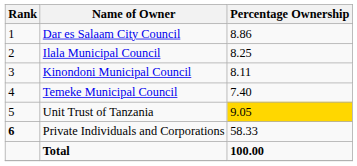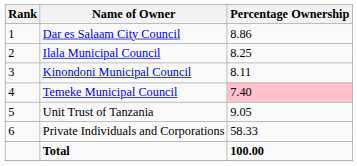 <table class="wikitable sortable" style="margin-left:auto;margin-right:auto">
 <tr>
 <th>Rank</th>
 <th>Name of Owner</th>
 <th>Percentage Ownership</th>
 </tr>
 <tr>
 <td>1</td>
 <td><a href='#'>Dar es Salaam City Council</a></td>
 <td>8.86</td>
 </tr>
 <tr>
 <td>2</td>
 <td><a href='#'>Ilala Municipal Council</a></td>
 <td>8.25</td>
 </tr>
 <tr>
 <td>3</td>
 <td><a href='#'>Kinondoni Municipal Council</a></td>
 <td>8.11</td>
 </tr>
 <tr>
 <td>4</td>
 <td><a href='#'>Temeke Municipal Council</a></td>
-<td>7.40</td>
+<td style="background: pink;">7.40</td>
 </tr>
 <tr>
 <td>5</td>
 <td>Unit Trust of Tanzania</td>
-<td style="background: gold;">9.05</td>
+<td>9.05</td>
 </tr>
 <tr>
-<td><strong>6</strong></td>
+<td>6</td>
 <td>Private Individuals and Corporations</td>
 <td>58.33</td>
 </tr>
 <tr>
 <td></td>
 <td><strong>Total</strong></td>
 <td><strong>100.00</strong></td>
 </tr>
 <tr>
 </tr>
 </table>
